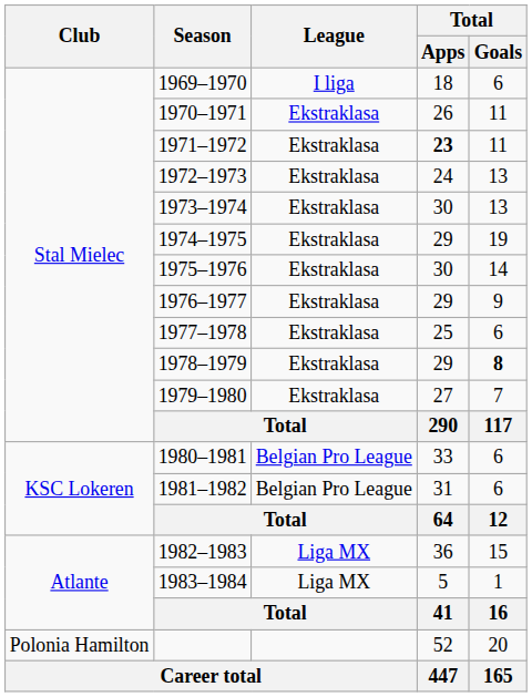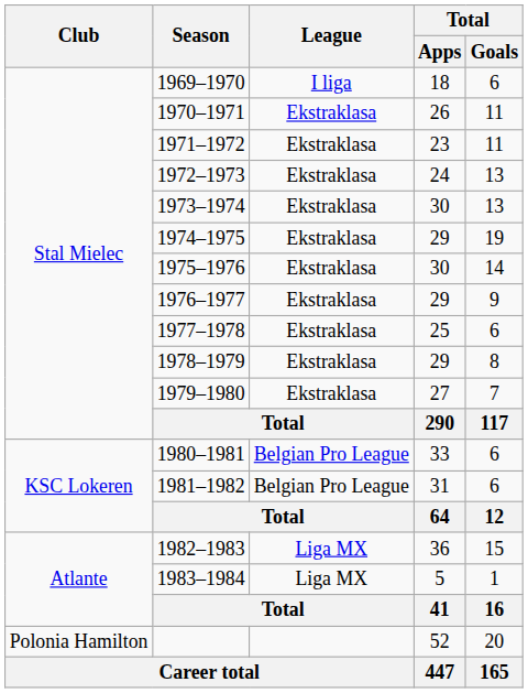 <table class="wikitable" style="text-align:center">
 <tr>
 <th rowspan="2">Club</th>
 <th rowspan="2">Season</th>
 <th rowspan="2">League</th>
 <th colspan="2">Total</th>
 </tr>
 <tr>
 <th>Apps</th>
 <th>Goals</th>
 </tr>
 <tr>
 <td rowspan="12"><a href='#'>Stal Mielec</a></td>
 <td>1969–1970</td>
 <td><a href='#'>I liga</a></td>
 <td>18</td>
 <td>6</td>
 </tr>
 <tr>
 <td>1970–1971</td>
 <td><a href='#'>Ekstraklasa</a></td>
 <td>26</td>
 <td>11</td>
 </tr>
 <tr>
 <td>1971–1972</td>
 <td>Ekstraklasa</td>
-<td><strong>23</strong></td>
+<td>23</td>
 <td>11</td>
 </tr>
 <tr>
 <td>1972–1973</td>
 <td>Ekstraklasa</td>
 <td>24</td>
 <td>13</td>
 </tr>
 <tr>
 <td>1973–1974</td>
 <td>Ekstraklasa</td>
 <td>30</td>
 <td>13</td>
 </tr>
 <tr>
 <td>1974–1975</td>
 <td>Ekstraklasa</td>
 <td>29</td>
 <td>19</td>
 </tr>
 <tr>
 <td>1975–1976</td>
 <td>Ekstraklasa</td>
 <td>30</td>
 <td>14</td>
 </tr>
 <tr>
 <td>1976–1977</td>
 <td>Ekstraklasa</td>
 <td>29</td>
 <td>9</td>
 </tr>
 <tr>
 <td>1977–1978</td>
 <td>Ekstraklasa</td>
 <td>25</td>
 <td>6</td>
 </tr>
 <tr>
 <td>1978–1979</td>
 <td>Ekstraklasa</td>
 <td>29</td>
-<td><strong>8</strong></td>
+<td>8</td>
 </tr>
 <tr>
 <td>1979–1980</td>
 <td>Ekstraklasa</td>
 <td>27</td>
 <td>7</td>
 </tr>
 <tr>
 <th colspan="2">Total</th>
 <th>290</th>
 <th>117</th>
 </tr>
 <tr>
 <td rowspan="3"><a href='#'>KSC Lokeren</a></td>
 <td>1980–1981</td>
 <td><a href='#'>Belgian Pro League</a></td>
 <td>33</td>
 <td>6</td>
 </tr>
 <tr>
 <td>1981–1982</td>
 <td>Belgian Pro League</td>
 <td>31</td>
 <td>6</td>
 </tr>
 <tr>
 <th colspan="2">Total</th>
 <th>64</th>
 <th>12</th>
 </tr>
 <tr>
 <td rowspan="3"><a href='#'>Atlante</a></td>
 <td>1982–1983</td>
 <td><a href='#'>Liga MX</a></td>
 <td>36</td>
 <td>15</td>
 </tr>
 <tr>
 <td>1983–1984</td>
 <td>Liga MX</td>
 <td>5</td>
 <td>1</td>
 </tr>
 <tr>
 <th colspan="2">Total</th>
 <th>41</th>
 <th>16</th>
 </tr>
 <tr>
 <td>Polonia Hamilton</td>
 <td></td>
 <td></td>
 <td>52</td>
 <td>20</td>
 </tr>
 <tr>
 <th colspan="3">Career total</th>
 <th>447</th>
 <th>165</th>
 </tr>
 </table>
